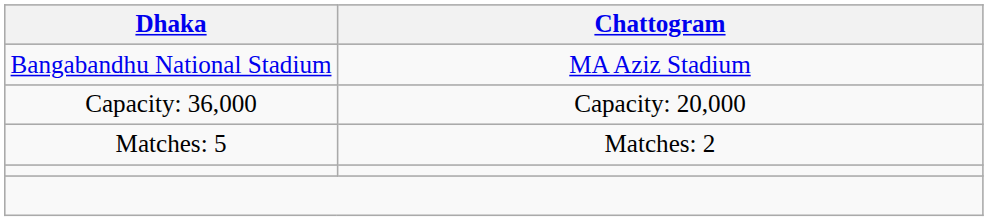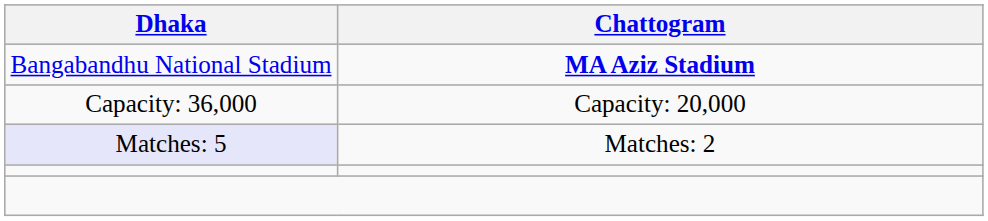 <table class="wikitable" style="text-align:center; display:inline-block; border: 0">
 <tr>
 <th style="width:34%;"><a href='#'>Dhaka</a></th>
 <th style="width:33%:"><a href='#'>Chattogram</a></th>
 </tr>
 <tr>
 <td><a href='#'>Bangabandhu National Stadium</a></td>
-<td><a href='#'>MA Aziz Stadium</a></td>
+<td><strong><a href='#'>MA Aziz Stadium</a></strong></td>
 </tr>
 <tr>
 <td>Capacity: 36,000</td>
 <td>Capacity: 20,000</td>
 </tr>
 <tr>
-<td>Matches: 5</td>
+<td style="background: lavender;">Matches: 5</td>
 <td>Matches: 2</td>
 </tr>
 <tr>
 <td></td>
 <td></td>
 </tr>
 <tr>
 <td colspan=3><br></td>
 </tr>
 </table>
